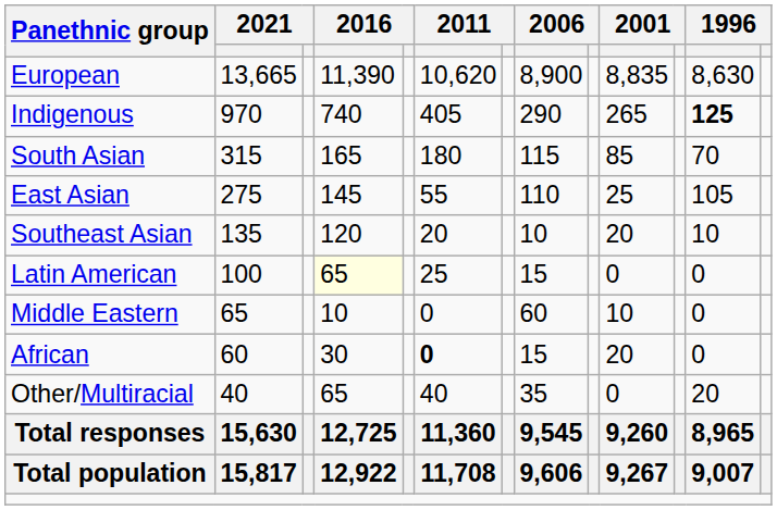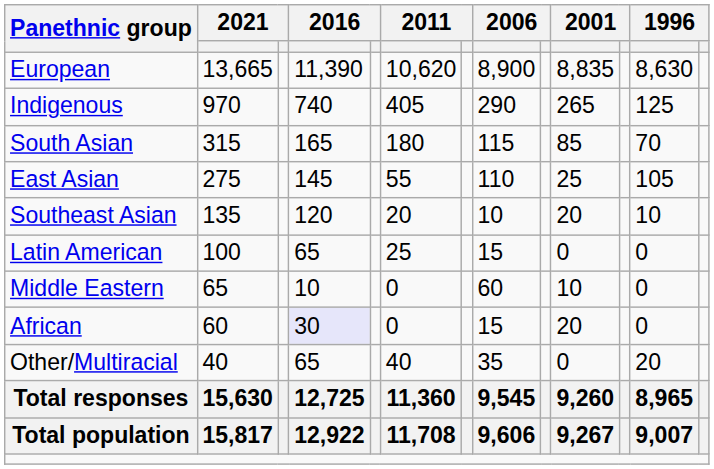 <table class="wikitable collapsible sortable">
 <tr>
 <th rowspan="2"><a href='#'>Panethnic</a> group</th>
 <th colspan="2">2021</th>
 <th colspan="2">2016</th>
 <th colspan="2">2011</th>
 <th colspan="2">2006</th>
 <th colspan="2">2001</th>
 <th colspan="2">1996</th>
 </tr>
 <tr>
 <th><a href='#'></a></th>
 <th></th>
 <th></th>
 <th></th>
 <th></th>
 <th></th>
 <th></th>
 <th></th>
 <th></th>
 <th></th>
 <th></th>
 <th></th>
 </tr>
 <tr>
 <td><a href='#'>European</a></td>
 <td>13,665</td>
 <td></td>
 <td>11,390</td>
 <td></td>
 <td>10,620</td>
 <td></td>
 <td>8,900</td>
 <td></td>
 <td>8,835</td>
 <td></td>
 <td>8,630</td>
 <td></td>
 </tr>
 <tr>
 <td><a href='#'>Indigenous</a></td>
 <td>970</td>
 <td></td>
 <td>740</td>
 <td></td>
 <td>405</td>
 <td></td>
 <td>290</td>
 <td></td>
 <td>265</td>
 <td></td>
-<td><strong>125</strong></td>
+<td>125</td>
 <td></td>
 </tr>
 <tr>
 <td><a href='#'>South Asian</a></td>
 <td>315</td>
 <td></td>
 <td>165</td>
 <td></td>
 <td>180</td>
 <td></td>
 <td>115</td>
 <td></td>
 <td>85</td>
 <td></td>
 <td>70</td>
 <td></td>
 </tr>
 <tr>
 <td><a href='#'>East Asian</a></td>
 <td>275</td>
 <td></td>
 <td>145</td>
 <td></td>
 <td>55</td>
 <td></td>
 <td>110</td>
 <td></td>
 <td>25</td>
 <td></td>
 <td>105</td>
 <td></td>
 </tr>
 <tr>
 <td><a href='#'>Southeast Asian</a></td>
 <td>135</td>
 <td></td>
 <td>120</td>
 <td></td>
 <td>20</td>
 <td></td>
 <td>10</td>
 <td></td>
 <td>20</td>
 <td></td>
 <td>10</td>
 <td></td>
 </tr>
 <tr>
 <td><a href='#'>Latin American</a></td>
 <td>100</td>
 <td></td>
-<td style="background: lightyellow;">65</td>
+<td>65</td>
 <td></td>
 <td>25</td>
 <td></td>
 <td>15</td>
 <td></td>
 <td>0</td>
 <td></td>
 <td>0</td>
 <td></td>
 </tr>
 <tr>
 <td><a href='#'>Middle Eastern</a></td>
 <td>65</td>
 <td></td>
 <td>10</td>
 <td></td>
 <td>0</td>
 <td></td>
 <td>60</td>
 <td></td>
 <td>10</td>
 <td></td>
 <td>0</td>
 <td></td>
 </tr>
 <tr>
 <td><a href='#'>African</a></td>
 <td>60</td>
 <td></td>
-<td>30</td>
+<td style="background: lavender;">30</td>
 <td></td>
-<td><strong>0</strong></td>
+<td>0</td>
 <td></td>
 <td>15</td>
 <td></td>
 <td>20</td>
 <td></td>
 <td>0</td>
 <td></td>
 </tr>
 <tr>
 <td>Other/<a href='#'>Multiracial</a></td>
 <td>40</td>
 <td></td>
 <td>65</td>
 <td></td>
 <td>40</td>
 <td></td>
 <td>35</td>
 <td></td>
 <td>0</td>
 <td></td>
 <td>20</td>
 <td></td>
 </tr>
 <tr class="sortbottom">
 <th>Total responses</th>
 <th>15,630</th>
 <th></th>
 <th>12,725</th>
 <th></th>
 <th>11,360</th>
 <th></th>
 <th>9,545</th>
 <th></th>
 <th>9,260</th>
 <th></th>
 <th>8,965</th>
 <th></th>
 </tr>
 <tr class="sortbottom">
 <th>Total population</th>
 <th>15,817</th>
 <th></th>
 <th>12,922</th>
 <th></th>
 <th>11,708</th>
 <th></th>
 <th>9,606</th>
 <th></th>
 <th>9,267</th>
 <th></th>
 <th>9,007</th>
 <th></th>
 </tr>
 <tr class="sortbottom">
 <td colspan="13"></td>
 </tr>
 </table>
